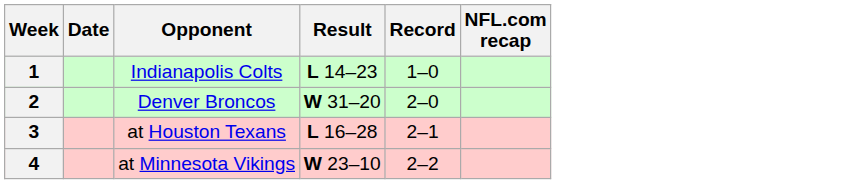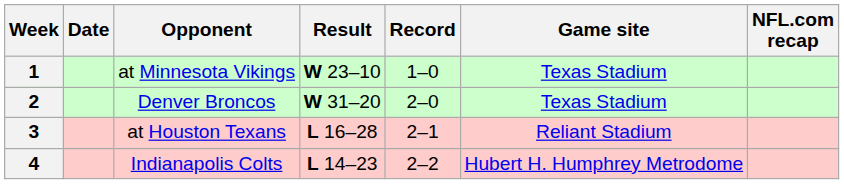 <table class="wikitable" style="text-align:center">
 <tr>
 <th>Week</th>
 <th>Date</th>
 <th>Opponent</th>
 <th>Result</th>
 <th>Record</th>
+<th>Game site</th>
 <th>NFL.com<br>recap</th>
 </tr>
 <tr style="background: #cfc;">
 <th>1</th>
 <td></td>
-<td><a href='#'>Indianapolis Colts</a></td>
-<td><strong>L</strong> 14–23</td>
+<td>at <a href='#'>Minnesota Vikings</a></td>
+<td><strong>W</strong> 23–10</td>
 <td>1–0</td>
+<td><a href='#'>Texas Stadium</a></td>
 <td></td>
 </tr>
 <tr style="background: #cfc;">
 <th>2</th>
 <td></td>
 <td><a href='#'>Denver Broncos</a></td>
 <td><strong>W</strong> 31–20</td>
 <td>2–0</td>
+<td><a href='#'>Texas Stadium</a></td>
 <td></td>
 </tr>
 <tr style="background: #fcc;">
 <th>3</th>
 <td></td>
 <td>at <a href='#'>Houston Texans</a></td>
 <td><strong>L</strong> 16–28</td>
 <td>2–1</td>
+<td><a href='#'>Reliant Stadium</a></td>
 <td></td>
 </tr>
 <tr style="background: #fcc;">
 <th>4</th>
 <td></td>
-<td>at <a href='#'>Minnesota Vikings</a></td>
-<td><strong>W</strong> 23–10</td>
+<td><a href='#'>Indianapolis Colts</a></td>
+<td><strong>L</strong> 14–23</td>
 <td>2–2</td>
+<td><a href='#'>Hubert H. Humphrey Metrodome</a></td>
 <td></td>
 </tr>
 </table>
